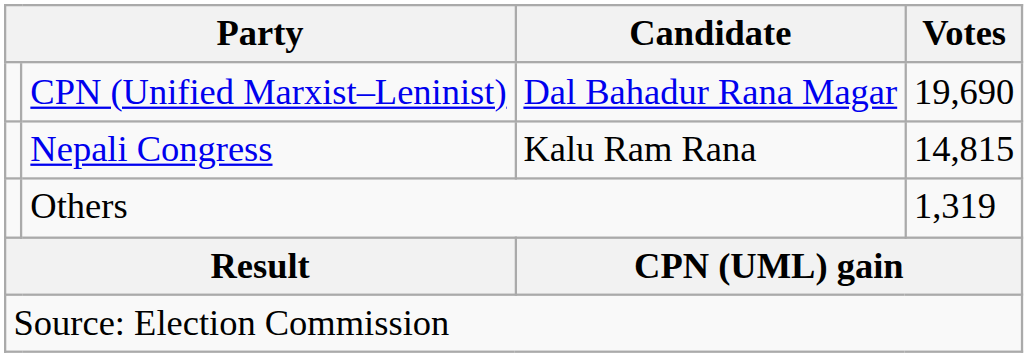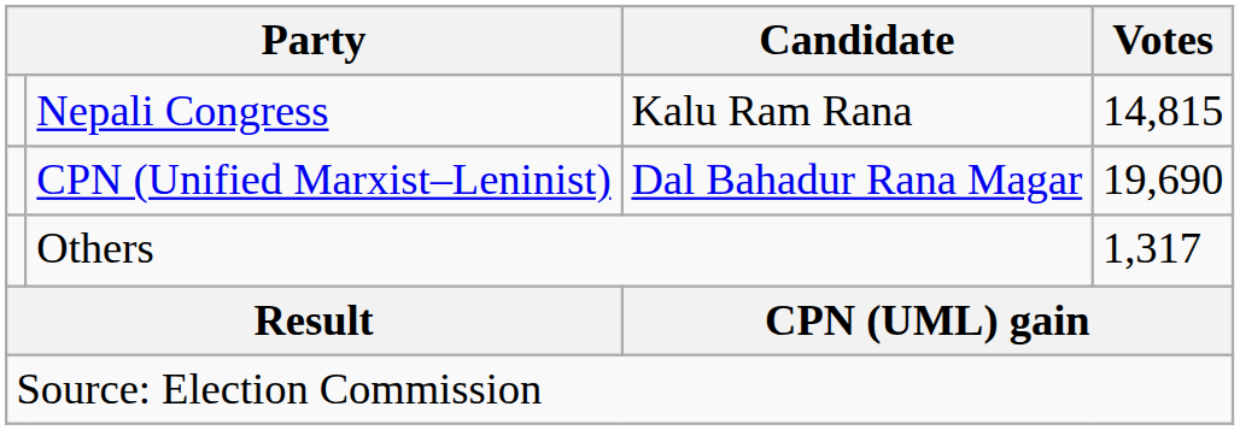 <table class="wikitable">
 <tr>
 <th colspan="2">Party</th>
 <th>Candidate</th>
 <th>Votes</th>
 </tr>
 <tr>
 <td style="background-color:"></td>
+<td><a href='#'>Nepali Congress</a></td>
+<td>Kalu Ram Rana</td>
+<td>14,815</td>
+</tr>
+<tr>
+<td style="background-color:"></td>
 <td><a href='#'>CPN (Unified Marxist–Leninist)</a></td>
 <td><a href='#'>Dal Bahadur Rana Magar</a></td>
 <td>19,690</td>
 </tr>
 <tr>
-<td style="background-color:"></td>
-<td><a href='#'>Nepali Congress</a></td>
-<td>Kalu Ram Rana</td>
-<td>14,815</td>
-</tr>
-<tr>
 <td></td>
 <td colspan="2">Others</td>
-<td>1,319</td>
+<td>1,317</td>
 </tr>
 <tr>
 <th colspan="2">Result</th>
 <th colspan="2">CPN (UML) gain</th>
 </tr>
 <tr>
 <td colspan="4">Source: Election Commission</td>
 </tr>
 </table>
